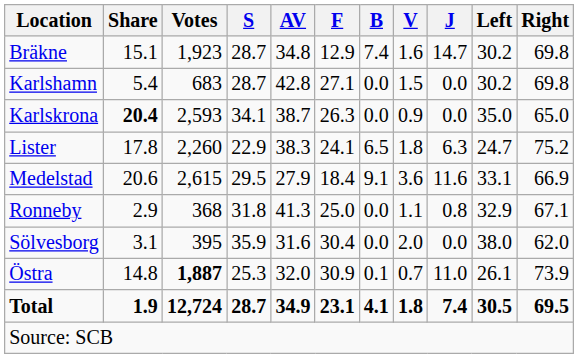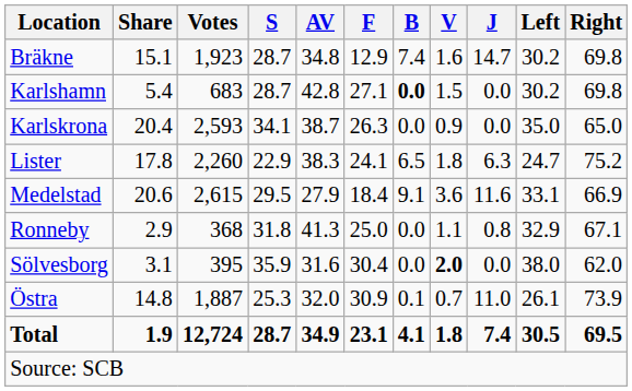 <table class="wikitable sortable" style=text-align:right>
 <tr>
 <th>Location</th>
 <th>Share</th>
 <th>Votes</th>
 <th><a href='#'>S</a></th>
 <th><a href='#'>AV</a></th>
 <th><a href='#'>F</a></th>
 <th><a href='#'>B</a></th>
 <th><a href='#'>V</a></th>
 <th><a href='#'>J</a></th>
 <th>Left</th>
 <th>Right</th>
 </tr>
 <tr>
 <td align=left><a href='#'>Bräkne</a></td>
 <td>15.1</td>
 <td>1,923</td>
 <td>28.7</td>
 <td>34.8</td>
 <td>12.9</td>
 <td>7.4</td>
 <td>1.6</td>
 <td>14.7</td>
 <td>30.2</td>
 <td>69.8</td>
 </tr>
 <tr>
 <td align=left><a href='#'>Karlshamn</a></td>
 <td>5.4</td>
 <td>683</td>
 <td>28.7</td>
 <td>42.8</td>
 <td>27.1</td>
-<td>0.0</td>
+<td><strong>0.0</strong></td>
 <td>1.5</td>
 <td>0.0</td>
 <td>30.2</td>
 <td>69.8</td>
 </tr>
 <tr>
 <td align=left><a href='#'>Karlskrona</a></td>
-<td><strong>20.4</strong></td>
+<td>20.4</td>
 <td>2,593</td>
 <td>34.1</td>
 <td>38.7</td>
 <td>26.3</td>
 <td>0.0</td>
 <td>0.9</td>
 <td>0.0</td>
 <td>35.0</td>
 <td>65.0</td>
 </tr>
 <tr>
 <td align=left><a href='#'>Lister</a></td>
 <td>17.8</td>
 <td>2,260</td>
 <td>22.9</td>
 <td>38.3</td>
 <td>24.1</td>
 <td>6.5</td>
 <td>1.8</td>
 <td>6.3</td>
 <td>24.7</td>
 <td>75.2</td>
 </tr>
 <tr>
 <td align=left><a href='#'>Medelstad</a></td>
 <td>20.6</td>
 <td>2,615</td>
 <td>29.5</td>
 <td>27.9</td>
 <td>18.4</td>
 <td>9.1</td>
 <td>3.6</td>
 <td>11.6</td>
 <td>33.1</td>
 <td>66.9</td>
 </tr>
 <tr>
 <td align=left><a href='#'>Ronneby</a></td>
 <td>2.9</td>
 <td>368</td>
 <td>31.8</td>
 <td>41.3</td>
 <td>25.0</td>
 <td>0.0</td>
 <td>1.1</td>
 <td>0.8</td>
 <td>32.9</td>
 <td>67.1</td>
 </tr>
 <tr>
 <td align=left><a href='#'>Sölvesborg</a></td>
 <td>3.1</td>
 <td>395</td>
 <td>35.9</td>
 <td>31.6</td>
 <td>30.4</td>
 <td>0.0</td>
-<td>2.0</td>
+<td><strong>2.0</strong></td>
 <td>0.0</td>
 <td>38.0</td>
 <td>62.0</td>
 </tr>
 <tr>
 <td align=left><a href='#'>Östra</a></td>
 <td>14.8</td>
-<td><strong>1,887</strong></td>
+<td>1,887</td>
 <td>25.3</td>
 <td>32.0</td>
 <td>30.9</td>
 <td>0.1</td>
 <td>0.7</td>
 <td>11.0</td>
 <td>26.1</td>
 <td>73.9</td>
 </tr>
 <tr>
 <td align=left><strong>Total</strong></td>
 <td><strong>1.9</strong></td>
 <td><strong>12,724</strong></td>
 <td><strong>28.7</strong></td>
 <td><strong>34.9</strong></td>
 <td><strong>23.1</strong></td>
 <td><strong>4.1</strong></td>
 <td><strong>1.8</strong></td>
 <td><strong>7.4</strong></td>
 <td><strong>30.5</strong></td>
 <td><strong>69.5</strong></td>
 </tr>
 <tr>
 <td align=left colspan=11>Source: SCB </td>
 </tr>
 </table>
